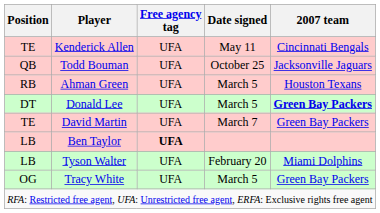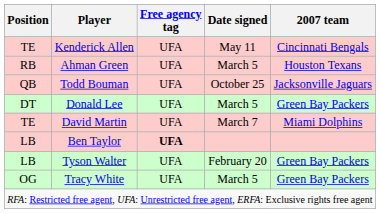 <table class="wikitable" style="text-align:center">
 <tr>
 <th>Position</th>
 <th>Player</th>
 <th><a href='#'><span>Free agency</span></a><br>tag</th>
 <th>Date signed</th>
 <th>2007 team</th>
 </tr>
 <tr style="background:#fcc; text-align:center;">
 <td>TE</td>
 <td><a href='#'>Kenderick Allen</a></td>
 <td>UFA</td>
 <td>May 11</td>
 <td><a href='#'>Cincinnati Bengals</a></td>
 </tr>
 <tr style="background:#fcc; text-align:center;">
+<td>RB</td>
+<td><a href='#'>Ahman Green</a></td>
+<td>UFA</td>
+<td>March 5</td>
+<td><a href='#'>Houston Texans</a></td>
+</tr>
+<tr style="background:#fcc; text-align:center;">
 <td>QB</td>
 <td><a href='#'>Todd Bouman</a></td>
 <td>UFA</td>
 <td>October 25</td>
 <td><a href='#'>Jacksonville Jaguars</a></td>
 </tr>
-<tr style="background:#fcc; text-align:center;">
-<td>RB</td>
-<td><a href='#'>Ahman Green</a></td>
-<td>UFA</td>
-<td>March 5</td>
-<td><a href='#'>Houston Texans</a></td>
-</tr>
 <tr style="background:#cfc; text-align:center;">
 <td>DT</td>
 <td><a href='#'>Donald Lee</a></td>
 <td>UFA</td>
 <td>March 5</td>
-<td><strong><a href='#'>Green Bay Packers</a></strong></td>
+<td><a href='#'>Green Bay Packers</a></td>
 </tr>
 <tr style="background:#fcc; text-align:center;">
 <td>TE</td>
 <td><a href='#'>David Martin</a></td>
 <td>UFA</td>
 <td>March 7</td>
-<td><a href='#'>Green Bay Packers</a></td>
+<td><a href='#'>Miami Dolphins</a></td>
 </tr>
 <tr style="background:#fcc; text-align:center;">
 <td>LB</td>
 <td><a href='#'>Ben Taylor</a></td>
 <td><strong>UFA</strong></td>
 <td></td>
 <td></td>
 </tr>
 <tr style="background:#cfc; text-align:center;">
 <td>LB</td>
 <td><a href='#'>Tyson Walter</a></td>
 <td>UFA</td>
 <td>February 20</td>
-<td><a href='#'>Miami Dolphins</a></td>
+<td><a href='#'>Green Bay Packers</a></td>
 </tr>
 <tr style="background:#cfc; text-align:center;">
 <td>OG</td>
 <td><a href='#'>Tracy White</a></td>
 <td>UFA</td>
 <td>March 5</td>
 <td><a href='#'>Green Bay Packers</a></td>
 </tr>
 <tr>
 <td colspan="5"><small><em>RFA</em>: <a href='#'>Restricted free agent</a>, <em>UFA</em>: <a href='#'>Unrestricted free agent</a>, <em>ERFA</em>: Exclusive rights free agent</small></td>
 </tr>
 </table>
